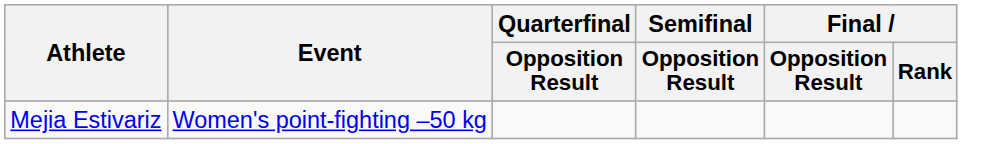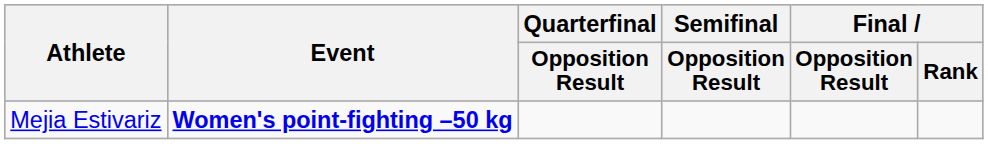 <table class=wikitable style=font-size:90%;text-align:center>
 <tr>
 <th rowspan=2>Athlete</th>
 <th rowspan=2>Event</th>
 <th>Quarterfinal</th>
 <th>Semifinal</th>
 <th colspan=2>Final / </th>
 </tr>
 <tr style=font-size:95%>
 <th>Opposition<br>Result</th>
 <th>Opposition<br>Result</th>
 <th>Opposition<br>Result</th>
 <th>Rank</th>
 </tr>
 <tr>
 <td align=left><a href='#'>Mejia Estivariz</a></td>
-<td align=left><a href='#'>Women's point-fighting –50 kg</a></td>
+<td align=left><strong><a href='#'>Women's point-fighting –50 kg</a></strong></td>
 <td></td>
 <td></td>
 <td></td>
 <td></td>
 </tr>
 </table>
